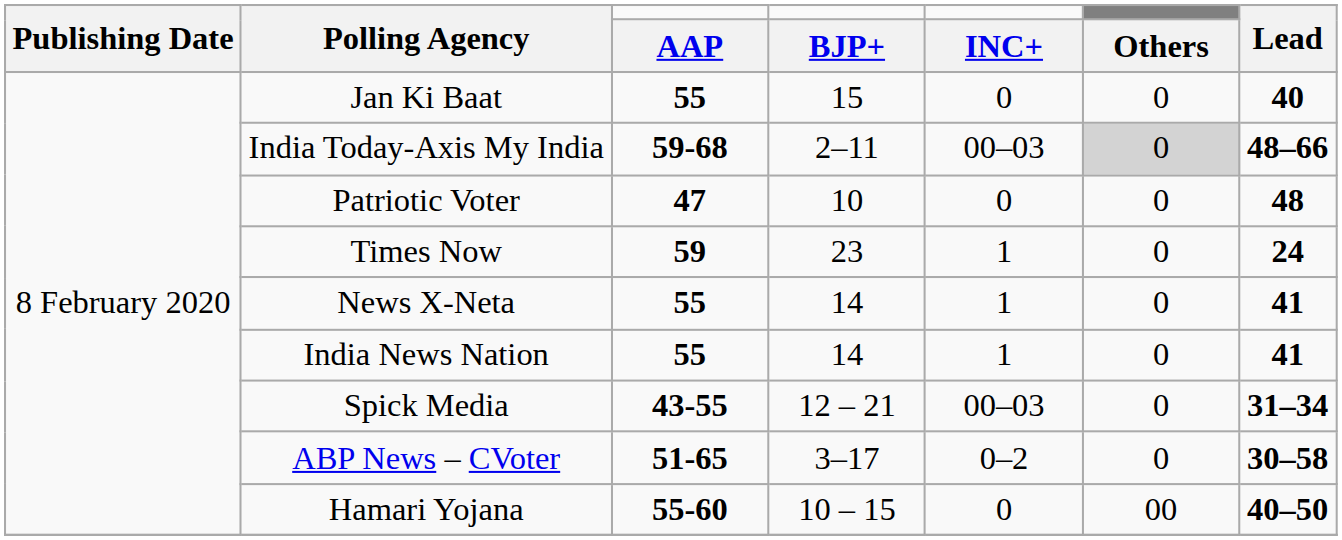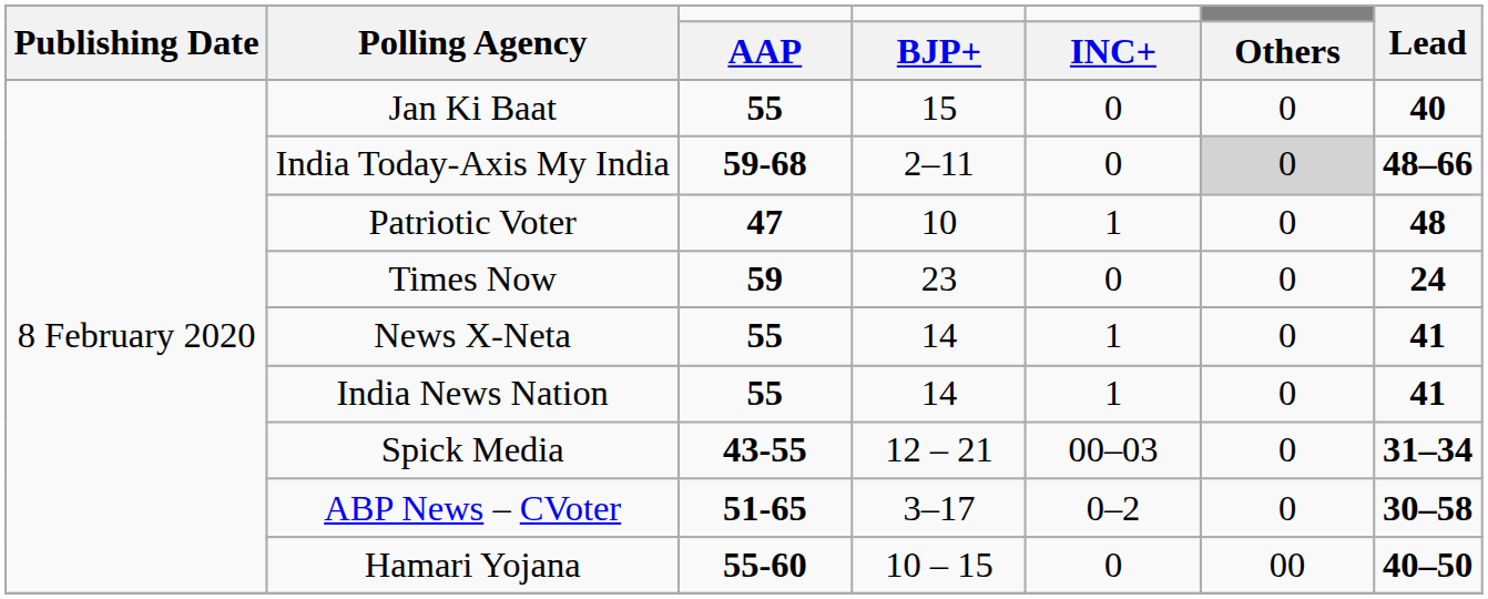 <table class="wikitable collapsible sortable" style="text-align:center">
 <tr>
 <th rowspan="2">Publishing Date</th>
 <th rowspan="2">Polling Agency</th>
 <td></td>
 <td></td>
 <td></td>
 <td style="background:gray;"></td>
 <th rowspan="2">Lead</th>
 </tr>
 <tr>
 <th width="70"><a href='#'>AAP</a></th>
 <th width="70"><a href='#'>BJP+</a></th>
 <th width="70"><a href='#'>INC+</a></th>
 <th width="70" rowspan="1">Others</th>
 </tr>
 <tr>
 <td rowspan="9">8 February 2020</td>
 <td>Jan Ki Baat</td>
 <td style="background:"><span><strong>55</strong></span></td>
 <td>15</td>
 <td>0</td>
 <td>0</td>
 <td style="background:"><span><strong>40</strong></span></td>
 </tr>
 <tr>
 <td>India Today-Axis My India</td>
 <td style="background:"><span><strong>59-68</strong></span></td>
 <td>2–11</td>
-<td>00–03</td>
+<td>0</td>
 <td style="background: lightgrey;">0</td>
 <td style="background:"><span><strong>48–66</strong></span></td>
 </tr>
 <tr>
 <td>Patriotic Voter</td>
 <td style="background:"><span><strong>47</strong></span></td>
 <td>10</td>
-<td>0</td>
+<td>1</td>
 <td>0</td>
 <td style="background:"><span><strong>48</strong></span></td>
 </tr>
 <tr>
 <td>Times Now</td>
 <td style="background:"><span><strong>59</strong></span></td>
 <td>23</td>
-<td>1</td>
+<td>0</td>
 <td>0</td>
 <td style="background:"><span><strong>24</strong></span></td>
 </tr>
 <tr>
 <td>News X-Neta</td>
 <td style="background:"><span><strong>55</strong></span></td>
 <td>14</td>
 <td>1</td>
 <td>0</td>
 <td style="background:"><span><strong>41</strong></span></td>
 </tr>
 <tr>
 <td>India News Nation</td>
 <td style="background:"><span><strong>55</strong></span></td>
 <td>14</td>
 <td>1</td>
 <td>0</td>
 <td style="background:"><span><strong>41</strong></span></td>
 </tr>
 <tr>
 <td>Spick Media</td>
 <td style="background:"><span><strong>43-55</strong></span></td>
 <td>12 – 21</td>
 <td>00–03</td>
 <td>0</td>
 <td style="background:"><span><strong>31–34</strong></span></td>
 </tr>
 <tr>
 <td><a href='#'>ABP News</a> – <a href='#'>CVoter</a></td>
 <td style="background:"><span><strong>51-65</strong></span></td>
 <td>3–17</td>
 <td>0–2</td>
 <td>0</td>
 <td style="background:"><span><strong>30–58</strong></span></td>
 </tr>
 <tr>
 <td>Hamari Yojana</td>
 <td style="background:"><span><strong>55-60</strong></span></td>
 <td>10 – 15</td>
 <td>0</td>
 <td>00</td>
 <td style="background:"><span><strong>40–50</strong></span></td>
 </tr>
 <tr>
 </tr>
 </table>
